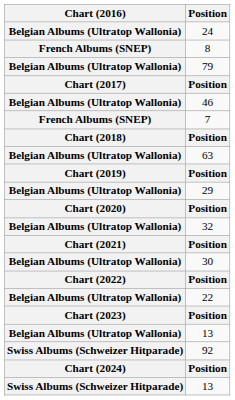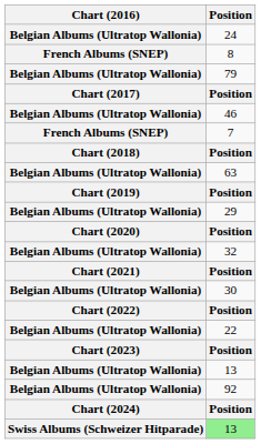 <table class="wikitable plainrowheaders" style="text-align:center">
 <tr>
 <th scope="col">Chart (2016)</th>
 <th scope="col">Position</th>
 </tr>
 <tr>
 <th scope="row">Belgian Albums (Ultratop Wallonia)</th>
 <td>24</td>
 </tr>
 <tr>
 <th scope="row">French Albums (SNEP)</th>
 <td>8</td>
 </tr>
 <tr>
 <th scope="row">Belgian Albums (Ultratop Wallonia)</th>
 <td>79</td>
 </tr>
 <tr>
 <th scope="col">Chart (2017)</th>
 <th scope="col">Position</th>
 </tr>
 <tr>
 <th scope="row">Belgian Albums (Ultratop Wallonia)</th>
 <td>46</td>
 </tr>
 <tr>
 <th scope="row">French Albums (SNEP)</th>
 <td>7</td>
 </tr>
 <tr>
 <th scope="col">Chart (2018)</th>
 <th scope="col">Position</th>
 </tr>
 <tr>
 <th scope="row">Belgian Albums (Ultratop Wallonia)</th>
 <td>63</td>
 </tr>
 <tr>
 <th scope="col">Chart (2019)</th>
 <th scope="col">Position</th>
 </tr>
 <tr>
 <th scope="row">Belgian Albums (Ultratop Wallonia)</th>
 <td>29</td>
 </tr>
 <tr>
 <th scope="col">Chart (2020)</th>
 <th scope="col">Position</th>
 </tr>
 <tr>
 <th scope="row">Belgian Albums (Ultratop Wallonia)</th>
 <td>32</td>
 </tr>
 <tr>
 <th scope="col">Chart (2021)</th>
 <th scope="col">Position</th>
 </tr>
 <tr>
 <th scope="row">Belgian Albums (Ultratop Wallonia)</th>
 <td>30</td>
 </tr>
 <tr>
 <th scope="col">Chart (2022)</th>
 <th scope="col">Position</th>
 </tr>
 <tr>
 <th scope="row">Belgian Albums (Ultratop Wallonia)</th>
 <td>22</td>
 </tr>
 <tr>
 <th scope="col">Chart (2023)</th>
 <th scope="col">Position</th>
 </tr>
 <tr>
 <th scope="row">Belgian Albums (Ultratop Wallonia)</th>
 <td>13</td>
 </tr>
 <tr>
-<th scope="row">Swiss Albums (Schweizer Hitparade)</th>
+<th scope="row">Belgian Albums (Ultratop Wallonia)</th>
 <td>92</td>
 </tr>
 <tr>
 <th scope="col">Chart (2024)</th>
 <th scope="col">Position</th>
 </tr>
 <tr>
 <th scope="row">Swiss Albums (Schweizer Hitparade)</th>
-<td>13</td>
+<td style="background: lightgreen;">13</td>
 </tr>
 </table>
